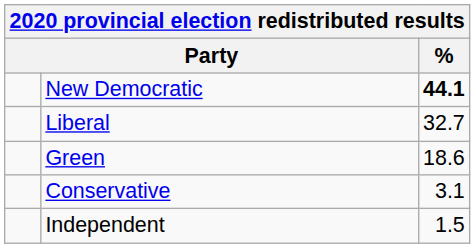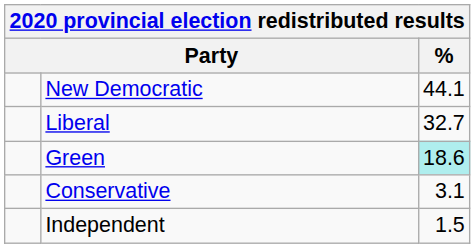 <table class="wikitable">
 <tr>
 <th colspan="4"><a href='#'>2020 provincial election</a> redistributed results</th>
 </tr>
 <tr>
 <th bgcolor="#DDDDFF" width="130px" colspan="2">Party</th>
 <th bgcolor="#DDDDFF" width="30px">%</th>
 </tr>
 <tr>
 <td> </td>
 <td><a href='#'>New Democratic</a></td>
-<td align=right><strong>44.1</strong></td>
+<td align=right>44.1</td>
 </tr>
 <tr>
 <td> </td>
 <td><a href='#'>Liberal</a></td>
 <td align=right>32.7</td>
 </tr>
 <tr>
 <td> </td>
 <td><a href='#'>Green</a></td>
-<td align=right>18.6</td>
+<td align=right style="background: paleturquoise;">18.6</td>
 </tr>
 <tr>
 <td> </td>
 <td><a href='#'>Conservative</a></td>
 <td align=right>3.1</td>
 </tr>
 <tr>
 <td> </td>
 <td>Independent</td>
 <td align=right>1.5</td>
 </tr>
 </table>
